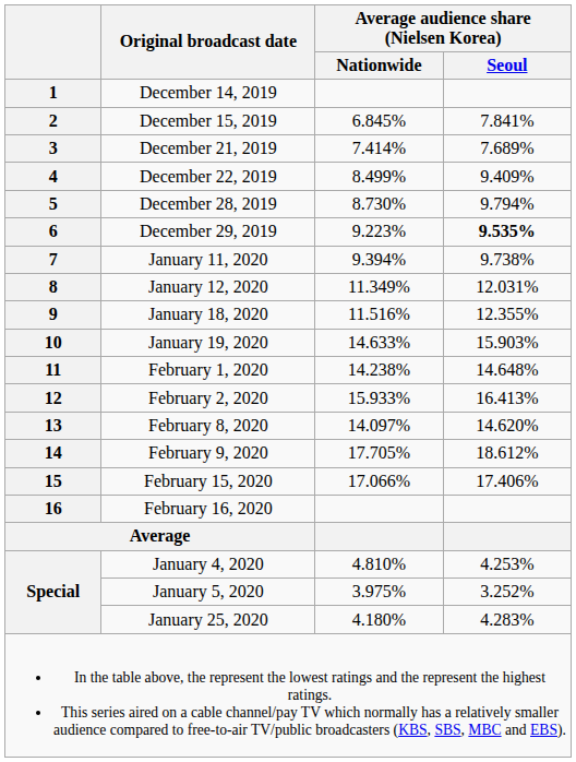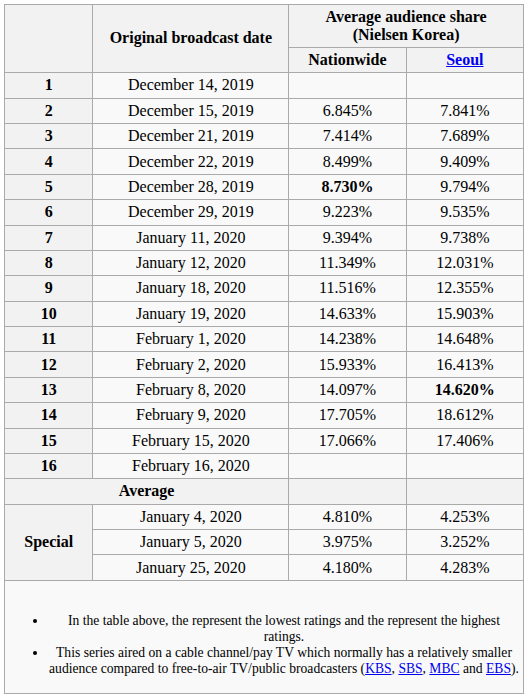 <table class="wikitable" style="text-align:center;max-width:520px; margin-left: auto; margin-right: auto; border: none;">
 <tr>
 </tr>
 <tr>
 <th rowspan="2"></th>
 <th rowspan="2">Original broadcast date</th>
 <th colspan="2">Average audience share<br>(Nielsen Korea)</th>
 </tr>
 <tr>
 <th width="110">Nationwide</th>
 <th width="110"><a href='#'>Seoul</a></th>
 </tr>
 <tr>
 <th>1</th>
 <td>December 14, 2019</td>
 <td> </td>
 <td> </td>
 </tr>
 <tr>
 <th>2</th>
 <td>December 15, 2019</td>
 <td>6.845% </td>
 <td>7.841% </td>
 </tr>
 <tr>
 <th>3</th>
 <td>December 21, 2019</td>
 <td>7.414% </td>
 <td>7.689% </td>
 </tr>
 <tr>
 <th>4</th>
 <td>December 22, 2019</td>
 <td>8.499% </td>
 <td>9.409% </td>
 </tr>
 <tr>
 <th>5</th>
 <td>December 28, 2019</td>
-<td>8.730% </td>
+<td><strong>8.730% </strong></td>
 <td>9.794% </td>
 </tr>
 <tr>
 <th>6</th>
 <td>December 29, 2019</td>
 <td>9.223% </td>
-<td><strong>9.535% </strong></td>
+<td>9.535% </td>
 </tr>
 <tr>
 <th>7</th>
 <td>January 11, 2020</td>
 <td>9.394% </td>
 <td>9.738% </td>
 </tr>
 <tr>
 <th>8</th>
 <td>January 12, 2020</td>
 <td>11.349% </td>
 <td>12.031% </td>
 </tr>
 <tr>
 <th>9</th>
 <td>January 18, 2020</td>
 <td>11.516% </td>
 <td>12.355% </td>
 </tr>
 <tr>
 <th>10</th>
 <td>January 19, 2020</td>
 <td>14.633% </td>
 <td>15.903% </td>
 </tr>
 <tr>
 <th>11</th>
 <td>February 1, 2020</td>
 <td>14.238% </td>
 <td>14.648% </td>
 </tr>
 <tr>
 <th>12</th>
 <td>February 2, 2020</td>
 <td>15.933% </td>
 <td>16.413% </td>
 </tr>
 <tr>
 <th>13</th>
 <td>February 8, 2020</td>
 <td>14.097% </td>
-<td>14.620% </td>
+<td><strong>14.620% </strong></td>
 </tr>
 <tr>
 <th>14</th>
 <td>February 9, 2020</td>
 <td>17.705% </td>
 <td>18.612% </td>
 </tr>
 <tr>
 <th>15</th>
 <td>February 15, 2020</td>
 <td>17.066% </td>
 <td>17.406% </td>
 </tr>
 <tr>
 <th>16</th>
 <td>February 16, 2020</td>
 <td> </td>
 <td> </td>
 </tr>
 <tr>
 <th colspan="2">Average</th>
 <th></th>
 <th></th>
 </tr>
 <tr>
 <th rowspan="3">Special</th>
 <td>January 4, 2020</td>
 <td>4.810% </td>
 <td>4.253% </td>
 </tr>
 <tr>
 <td>January 5, 2020</td>
 <td>3.975% </td>
 <td>3.252% </td>
 </tr>
 <tr>
 <td>January 25, 2020</td>
 <td>4.180% </td>
 <td>4.283% </td>
 </tr>
 <tr>
 <td colspan="4" style="font-size:85%"><br><ul><li>In the table above, the <strong></strong> represent the lowest ratings and the <strong></strong> represent the highest ratings.</li><li>This series aired on a cable channel/pay TV which normally has a relatively smaller audience compared to free-to-air TV/public broadcasters (<a href='#'>KBS</a>, <a href='#'>SBS</a>, <a href='#'>MBC</a> and <a href='#'>EBS</a>).</li></ul></td>
 </tr>
 </table>
